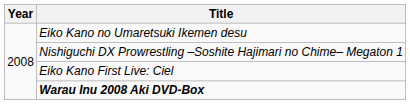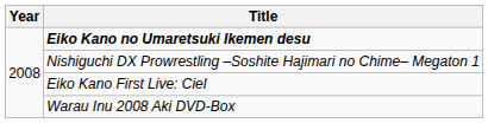 <table class="wikitable">
 <tr>
 <th>Year</th>
 <th>Title</th>
 </tr>
 <tr>
 <td rowspan="4">2008</td>
-<td><em>Eiko Kano no Umaretsuki Ikemen desu</em></td>
+<td><strong><em>Eiko Kano no Umaretsuki Ikemen desu</em></strong></td>
 </tr>
 <tr>
 <td><em>Nishiguchi DX Prowrestling –Soshite Hajimari no Chime– Megaton 1</em></td>
 </tr>
 <tr>
 <td><em>Eiko Kano First Live: Ciel</em></td>
 </tr>
 <tr>
-<td><strong><em>Warau Inu 2008 Aki DVD-Box</em></strong></td>
+<td><em>Warau Inu 2008 Aki DVD-Box</em></td>
 </tr>
 </table>
